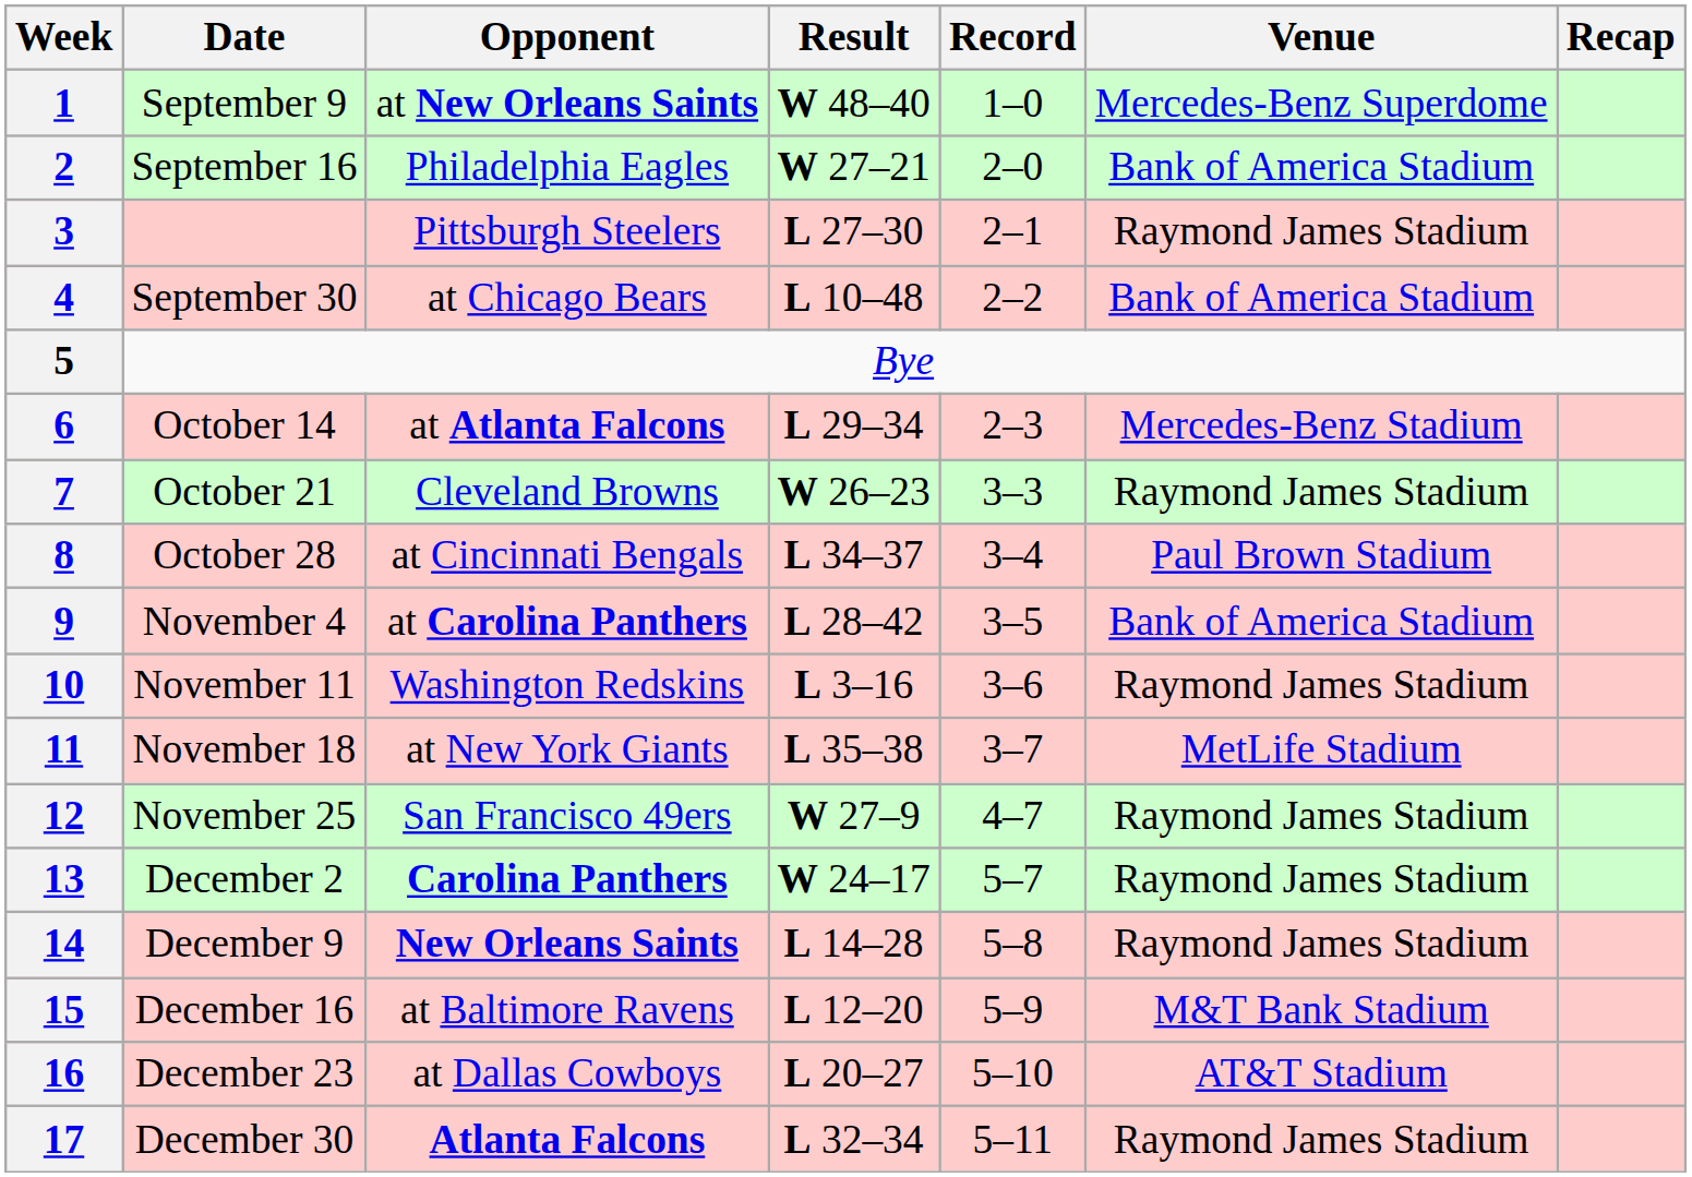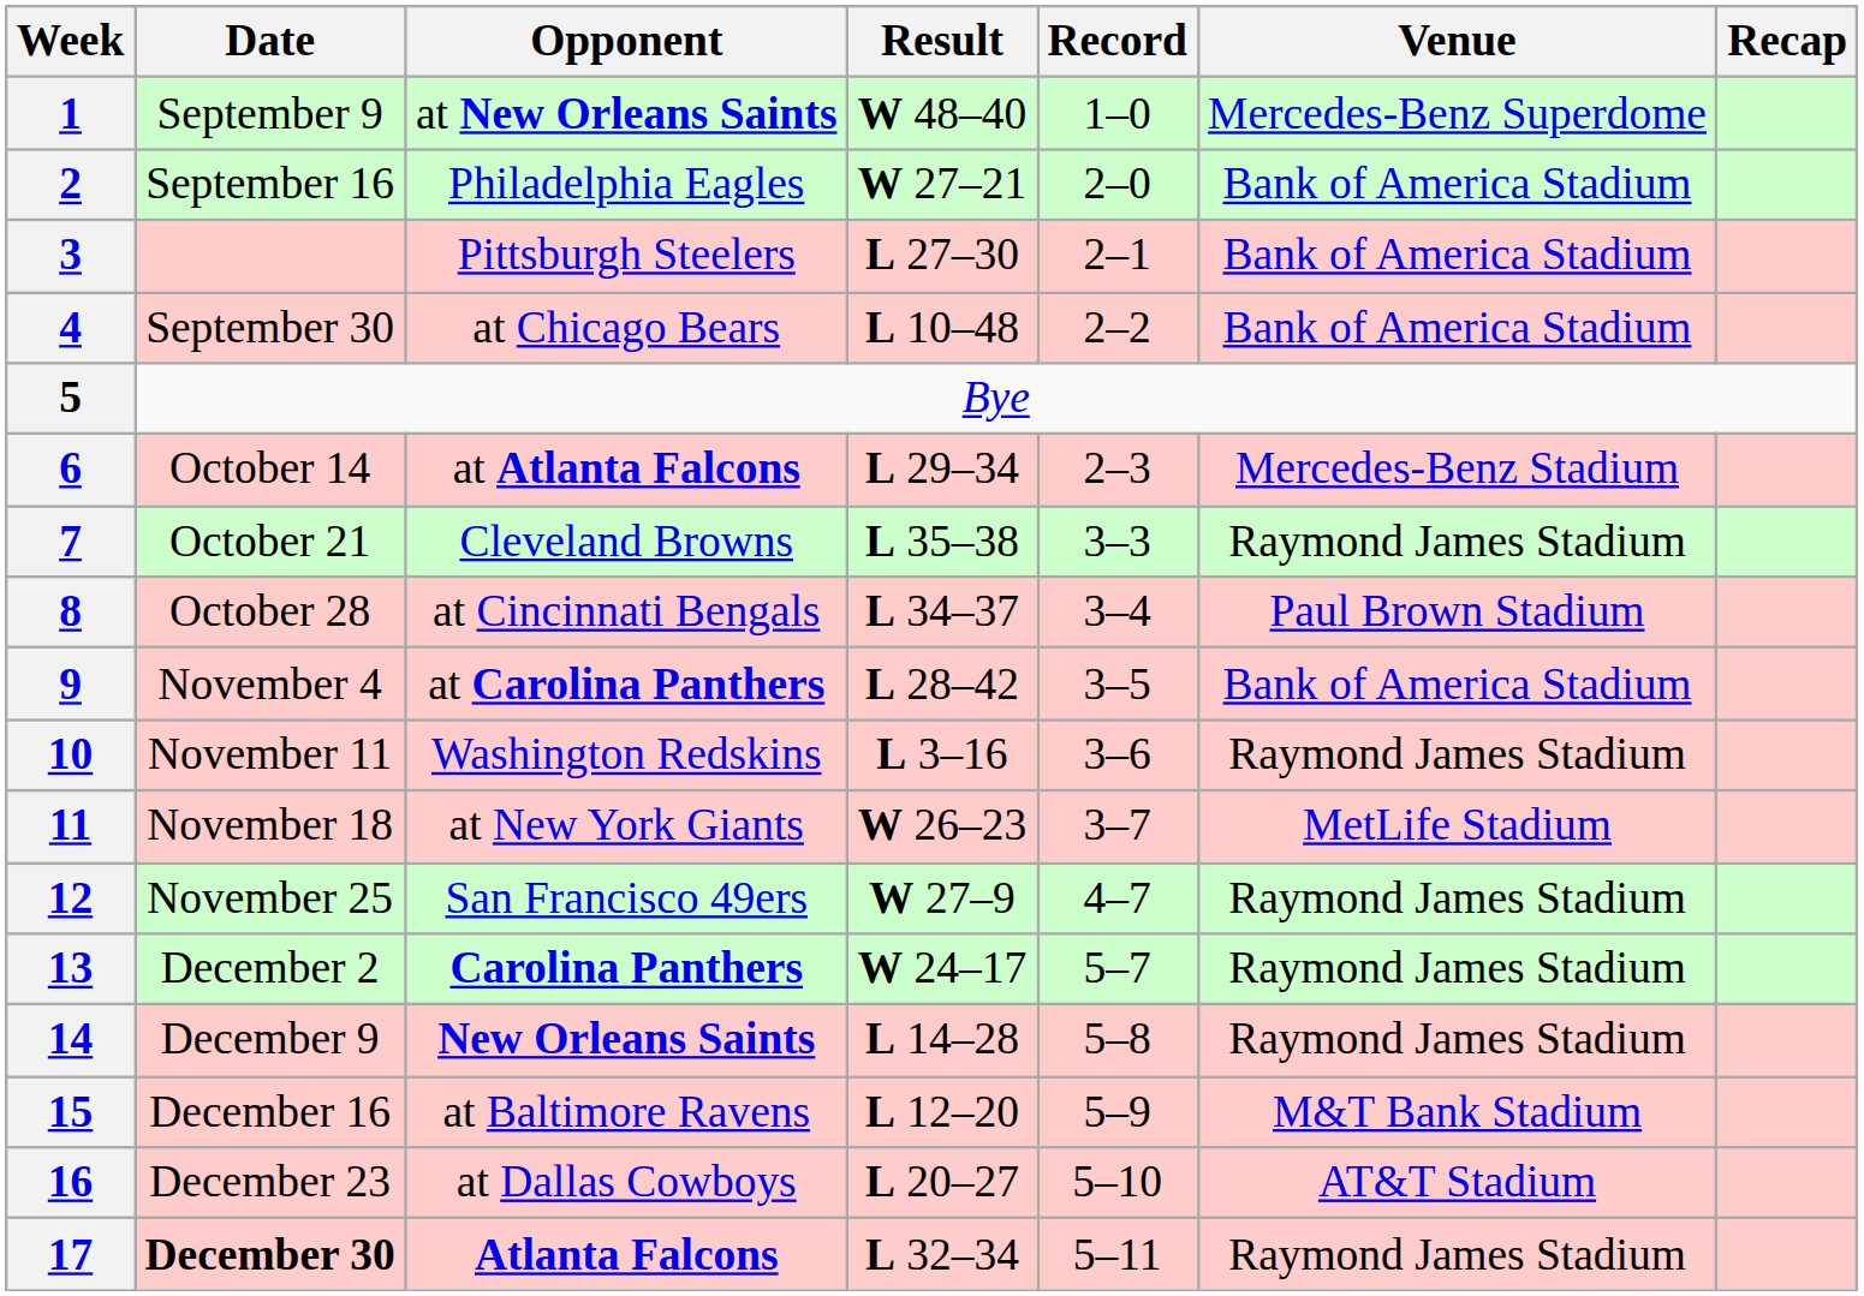 <table class="wikitable" style="text-align:center">
 <tr>
 <th>Week</th>
 <th>Date</th>
 <th>Opponent</th>
 <th>Result</th>
 <th>Record</th>
 <th>Venue</th>
 <th>Recap</th>
 </tr>
 <tr style="background:#cfc">
 <th><a href='#'>1</a></th>
 <td>September 9</td>
 <td>at <strong><a href='#'>New Orleans Saints</a></strong></td>
 <td><strong>W</strong> 48–40</td>
 <td>1–0</td>
 <td><a href='#'>Mercedes-Benz Superdome</a></td>
 <td></td>
 </tr>
 <tr style="background:#cfc">
 <th><a href='#'>2</a></th>
 <td>September 16</td>
 <td><a href='#'>Philadelphia Eagles</a></td>
 <td><strong>W</strong> 27–21</td>
 <td>2–0</td>
 <td><a href='#'>Bank of America Stadium</a></td>
 <td></td>
 </tr>
 <tr style="background:#fcc">
 <th><a href='#'>3</a></th>
 <td></td>
 <td><a href='#'>Pittsburgh Steelers</a></td>
 <td><strong>L</strong> 27–30</td>
 <td>2–1</td>
-<td>Raymond James Stadium</td>
+<td><a href='#'>Bank of America Stadium</a></td>
 <td></td>
 </tr>
 <tr style="background:#fcc">
 <th><a href='#'>4</a></th>
 <td>September 30</td>
 <td>at <a href='#'>Chicago Bears</a></td>
 <td><strong>L</strong> 10–48</td>
 <td>2–2</td>
 <td><a href='#'>Bank of America Stadium</a></td>
 <td></td>
 </tr>
 <tr>
 <th>5</th>
 <td colspan="6"><em><a href='#'>Bye</a></em></td>
 </tr>
 <tr style="background:#fcc">
 <th><a href='#'>6</a></th>
 <td>October 14</td>
 <td>at <strong><a href='#'>Atlanta Falcons</a></strong></td>
 <td><strong>L</strong> 29–34</td>
 <td>2–3</td>
 <td><a href='#'>Mercedes-Benz Stadium</a></td>
 <td></td>
 </tr>
 <tr style="background:#cfc">
 <th><a href='#'>7</a></th>
 <td>October 21</td>
 <td><a href='#'>Cleveland Browns</a></td>
-<td><strong>W</strong> 26–23 </td>
+<td><strong>L</strong> 35–38</td>
 <td>3–3</td>
 <td>Raymond James Stadium</td>
 <td></td>
 </tr>
 <tr style="background:#fcc">
 <th><a href='#'>8</a></th>
 <td>October 28</td>
 <td>at <a href='#'>Cincinnati Bengals</a></td>
 <td><strong>L</strong> 34–37</td>
 <td>3–4</td>
 <td><a href='#'>Paul Brown Stadium</a></td>
 <td></td>
 </tr>
 <tr style="background:#fcc">
 <th><a href='#'>9</a></th>
 <td>November 4</td>
 <td>at <strong><a href='#'>Carolina Panthers</a></strong></td>
 <td><strong>L</strong> 28–42</td>
 <td>3–5</td>
 <td><a href='#'>Bank of America Stadium</a></td>
 <td></td>
 </tr>
 <tr style="background:#fcc">
 <th><a href='#'>10</a></th>
 <td>November 11</td>
 <td><a href='#'>Washington Redskins</a></td>
 <td><strong>L</strong> 3–16</td>
 <td>3–6</td>
 <td>Raymond James Stadium</td>
 <td></td>
 </tr>
 <tr style="background:#fcc">
 <th><a href='#'>11</a></th>
 <td>November 18</td>
 <td>at <a href='#'>New York Giants</a></td>
-<td><strong>L</strong> 35–38</td>
+<td><strong>W</strong> 26–23 </td>
 <td>3–7</td>
 <td><a href='#'>MetLife Stadium</a></td>
 <td></td>
 </tr>
 <tr style="background:#cfc">
 <th><a href='#'>12</a></th>
 <td>November 25</td>
 <td><a href='#'>San Francisco 49ers</a></td>
 <td><strong>W</strong> 27–9</td>
 <td>4–7</td>
 <td>Raymond James Stadium</td>
 <td></td>
 </tr>
 <tr style="background:#cfc">
 <th><a href='#'>13</a></th>
 <td>December 2</td>
 <td><strong><a href='#'>Carolina Panthers</a></strong></td>
 <td><strong>W</strong> 24–17</td>
 <td>5–7</td>
 <td>Raymond James Stadium</td>
 <td></td>
 </tr>
 <tr style="background:#fcc">
 <th><a href='#'>14</a></th>
 <td>December 9</td>
 <td><strong><a href='#'>New Orleans Saints</a></strong></td>
 <td><strong>L</strong> 14–28</td>
 <td>5–8</td>
 <td>Raymond James Stadium</td>
 <td></td>
 </tr>
 <tr style="background:#fcc">
 <th><a href='#'>15</a></th>
 <td>December 16</td>
 <td>at <a href='#'>Baltimore Ravens</a></td>
 <td><strong>L</strong> 12–20</td>
 <td>5–9</td>
 <td><a href='#'>M&T Bank Stadium</a></td>
 <td></td>
 </tr>
 <tr style="background:#fcc">
 <th><a href='#'>16</a></th>
 <td>December 23</td>
 <td>at <a href='#'>Dallas Cowboys</a></td>
 <td><strong>L</strong> 20–27</td>
 <td>5–10</td>
 <td><a href='#'>AT&T Stadium</a></td>
 <td></td>
 </tr>
 <tr style="background:#fcc">
 <th><a href='#'>17</a></th>
-<td>December 30</td>
+<td><strong>December 30</strong></td>
 <td><strong><a href='#'>Atlanta Falcons</a></strong></td>
 <td><strong>L</strong> 32–34</td>
 <td>5–11</td>
 <td>Raymond James Stadium</td>
 <td></td>
 </tr>
 </table>
